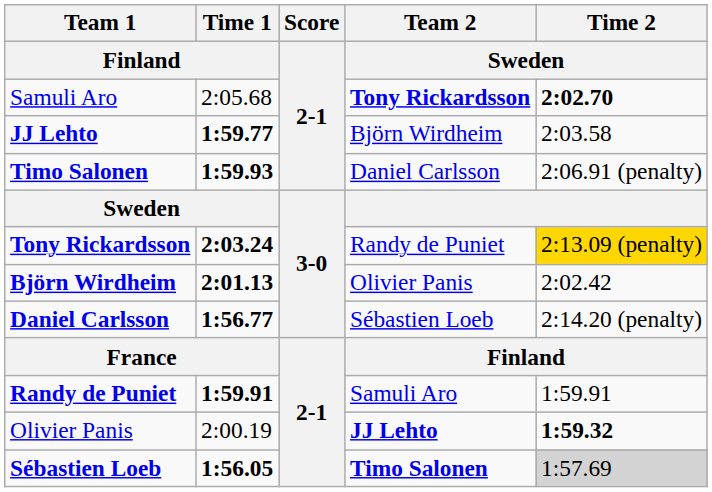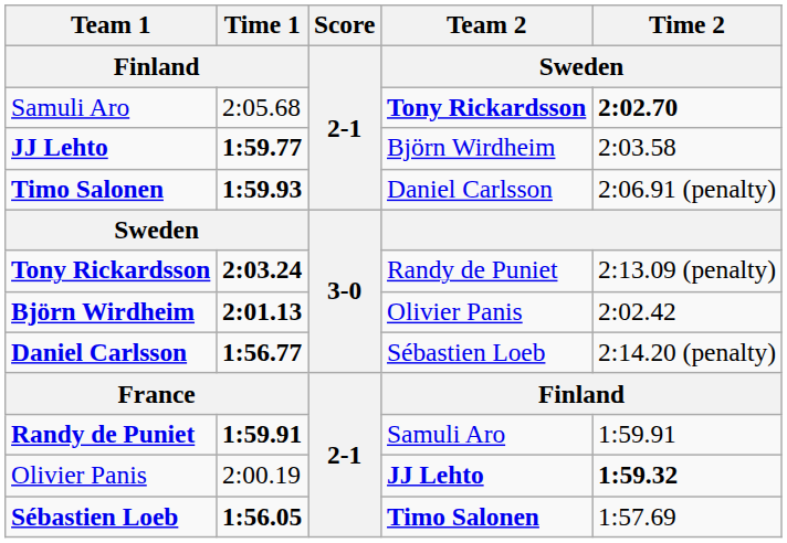 <table class="wikitable">
 <tr>
 <th>Team 1</th>
 <th>Time 1</th>
 <th>Score</th>
 <th>Team 2</th>
 <th>Time 2</th>
 </tr>
 <tr>
 <th colspan=2> <strong>Finland</strong></th>
 <th rowspan=4>2-1</th>
 <th colspan=2> Sweden</th>
 </tr>
 <tr>
 <td><a href='#'>Samuli Aro</a></td>
 <td>2:05.68</td>
 <td><strong><a href='#'>Tony Rickardsson</a></strong></td>
 <td><strong>2:02.70</strong></td>
 </tr>
 <tr>
 <td><strong><a href='#'>JJ Lehto</a></strong></td>
 <td><strong>1:59.77</strong></td>
 <td><a href='#'>Björn Wirdheim</a></td>
 <td>2:03.58</td>
 </tr>
 <tr>
 <td><strong><a href='#'>Timo Salonen</a></strong></td>
 <td><strong>1:59.93</strong></td>
 <td><a href='#'>Daniel Carlsson</a></td>
 <td>2:06.91 (penalty)</td>
 </tr>
 <tr>
 <th colspan=2> <strong>Sweden</strong></th>
 <th rowspan=4>3-0</th>
 <th colspan=2></th>
 </tr>
 <tr>
 <td><strong><a href='#'>Tony Rickardsson</a></strong></td>
 <td><strong>2:03.24</strong></td>
 <td><a href='#'>Randy de Puniet</a></td>
-<td style="background: gold;">2:13.09 (penalty)</td>
+<td>2:13.09 (penalty)</td>
 </tr>
 <tr>
 <td><strong><a href='#'>Björn Wirdheim</a></strong></td>
 <td><strong>2:01.13</strong></td>
 <td><a href='#'>Olivier Panis</a></td>
 <td>2:02.42</td>
 </tr>
 <tr>
 <td><strong><a href='#'>Daniel Carlsson</a></strong></td>
 <td><strong>1:56.77</strong></td>
 <td><a href='#'>Sébastien Loeb</a></td>
 <td>2:14.20 (penalty)</td>
 </tr>
 <tr>
 <th colspan=2> <strong>France</strong></th>
 <th rowspan=4>2-1</th>
 <th colspan=2> Finland</th>
 </tr>
 <tr>
 <td><strong><a href='#'>Randy de Puniet</a></strong></td>
 <td><strong>1:59.91</strong></td>
 <td><a href='#'>Samuli Aro</a></td>
 <td>1:59.91</td>
 </tr>
 <tr>
 <td><a href='#'>Olivier Panis</a></td>
 <td>2:00.19</td>
 <td><strong><a href='#'>JJ Lehto</a></strong></td>
 <td><strong>1:59.32</strong></td>
 </tr>
 <tr>
 <td><strong><a href='#'>Sébastien Loeb</a></strong></td>
 <td><strong>1:56.05</strong></td>
 <td><strong><a href='#'>Timo Salonen</a></strong></td>
-<td style="background: lightgrey;">1:57.69</td>
+<td>1:57.69</td>
 </tr>
 </table>
